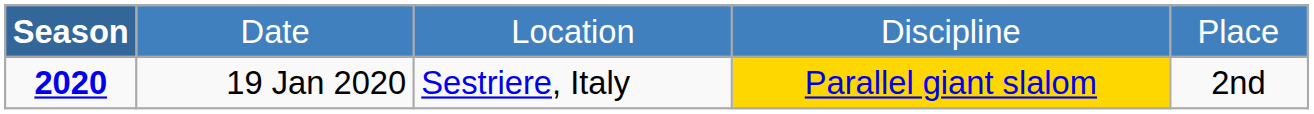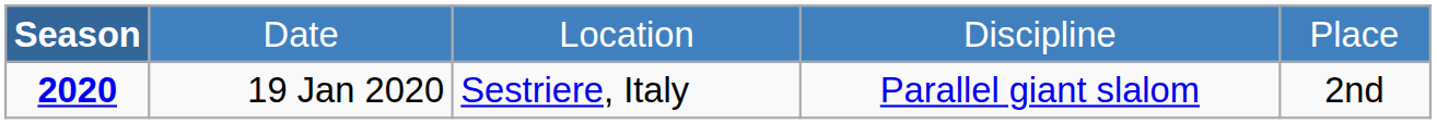 <table class="wikitable"  style="font-size:95%; text-align:center; border:gray solid 1px; width:48%;">
 <tr style="background:#369; color:white;">
 <td rowspan="2" colspan="1" width="5%"><strong>Season</strong></td>
 </tr>
 <tr style="background-color:#4180be; color:white;">
 <td>Date</td>
 <td>Location</td>
 <td>Discipline</td>
 <td>Place</td>
 </tr>
 <tr>
 <td><strong><a href='#'>2020</a></strong></td>
 <td align=right>19 Jan 2020</td>
 <td align=left> <a href='#'>Sestriere</a>, Italy</td>
-<td style="background: gold;"><a href='#'>Parallel giant slalom</a></td>
+<td><a href='#'>Parallel giant slalom</a></td>
 <td>2nd</td>
 </tr>
 </table>
